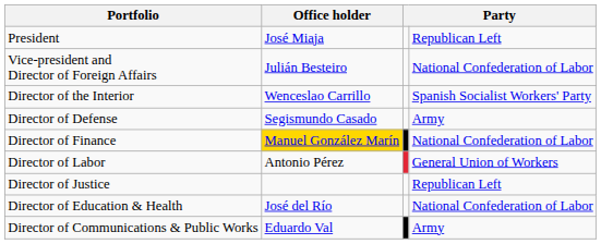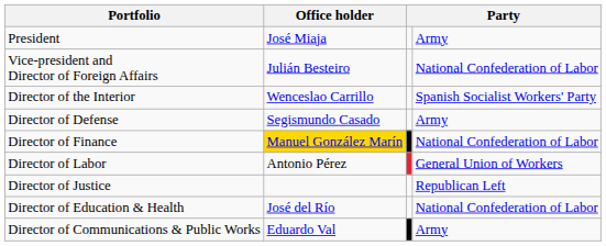 <table class="wikitable">
 <tr>
 <th>Portfolio</th>
 <th>Office holder</th>
 <th colspan=2>Party</th>
 </tr>
 <tr>
 <td>President</td>
 <td><a href='#'>José Miaja</a></td>
 <td style="background:"></td>
-<td><a href='#'>Republican Left</a></td>
+<td><a href='#'>Army</a></td>
 </tr>
 <tr>
 <td>Vice-president and<br>Director of Foreign Affairs</td>
 <td><a href='#'>Julián Besteiro</a></td>
 <td style="background:"></td>
 <td><a href='#'>National Confederation of Labor</a></td>
 </tr>
 <tr>
 <td>Director of the Interior</td>
 <td><a href='#'>Wenceslao Carrillo</a></td>
 <td style="background:"></td>
 <td><a href='#'>Spanish Socialist Workers' Party</a></td>
 </tr>
 <tr>
 <td>Director of Defense</td>
 <td><a href='#'>Segismundo Casado</a></td>
 <td style="background:"></td>
 <td><a href='#'>Army</a></td>
 </tr>
 <tr>
 <td>Director of Finance</td>
 <td style="background: gold;"><a href='#'>Manuel González Marín</a></td>
 <td style="background:black;"></td>
 <td><a href='#'>National Confederation of Labor</a></td>
 </tr>
 <tr>
 <td>Director of Labor</td>
 <td>Antonio Pérez</td>
 <td style="background:#e32636;"></td>
 <td><a href='#'>General Union of Workers</a></td>
 </tr>
 <tr>
 <td>Director of Justice</td>
 <td></td>
 <td style="background:"></td>
 <td><a href='#'>Republican Left</a></td>
 </tr>
 <tr>
 <td>Director of Education & Health</td>
 <td><a href='#'>José del Río</a></td>
 <td style="background:"></td>
 <td><a href='#'>National Confederation of Labor</a></td>
 </tr>
 <tr>
 <td>Director of Communications & Public Works</td>
 <td><a href='#'>Eduardo Val</a></td>
 <td style="background:black;"></td>
 <td><a href='#'>Army</a></td>
 </tr>
 </table>
